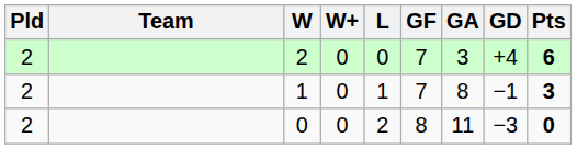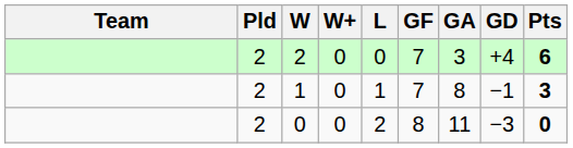 <table class="wikitable" style="text-align:center;">
 <tr>
+<th width=165>Team</th>
 <th width=20>Pld</th>
-<th width=165>Team</th>
 <th width=20>W</th>
 <th width=20>W+</th>
 <th width=20>L</th>
 <th width=20>GF</th>
 <th width=20>GA</th>
 <th width=20>GD</th>
 <th width=20>Pts</th>
 </tr>
 <tr align=center style="background:#ccffcc;">
+<td style="text-align:left;"></td>
 <td>2</td>
-<td style="text-align:left;"></td>
 <td>2</td>
 <td>0</td>
 <td>0</td>
 <td>7</td>
 <td>3</td>
 <td>+4</td>
 <td><strong>6</strong></td>
 </tr>
 <tr align=center>
+<td style="text-align:left;"></td>
 <td>2</td>
-<td style="text-align:left;"></td>
 <td>1</td>
 <td>0</td>
 <td>1</td>
 <td>7</td>
 <td>8</td>
 <td>−1</td>
 <td><strong>3</strong></td>
 </tr>
 <tr align=center>
+<td style="text-align:left;"></td>
 <td>2</td>
-<td style="text-align:left;"></td>
 <td>0</td>
 <td>0</td>
 <td>2</td>
 <td>8</td>
 <td>11</td>
 <td>−3</td>
 <td><strong>0</strong></td>
 </tr>
 </table>
